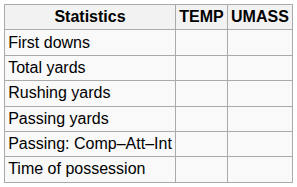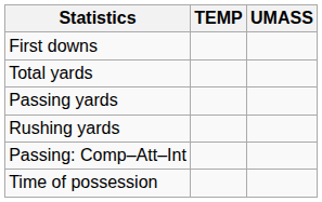 <table class="wikitable" style="float: left;">
 <tr>
 <th>Statistics</th>
 <th>TEMP</th>
 <th>UMASS</th>
 </tr>
 <tr>
 <td>First downs</td>
 <td></td>
 <td></td>
 </tr>
 <tr>
 <td>Total yards</td>
 <td></td>
 <td></td>
 </tr>
 <tr>
-<td>Rushing yards</td>
+<td>Passing yards</td>
 <td></td>
 <td></td>
 </tr>
 <tr>
-<td>Passing yards</td>
+<td>Rushing yards</td>
 <td></td>
 <td></td>
 </tr>
 <tr>
 <td>Passing: Comp–Att–Int</td>
 <td></td>
 <td></td>
 </tr>
 <tr>
 <td>Time of possession</td>
 <td></td>
 <td></td>
 </tr>
 <tr>
 </tr>
 </table>
